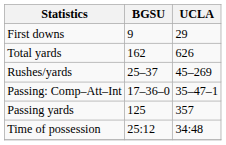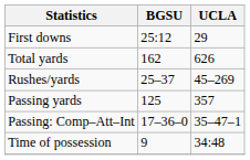 <table class="wikitable" style="float: left;">
 <tr>
 <th>Statistics</th>
 <th>BGSU</th>
 <th>UCLA</th>
 </tr>
 <tr>
 <td>First downs</td>
-<td>9</td>
+<td>25:12</td>
 <td>29</td>
 </tr>
 <tr>
 <td>Total yards</td>
 <td>162</td>
 <td>626</td>
 </tr>
 <tr>
 <td>Rushes/yards</td>
 <td>25–37</td>
 <td>45–269</td>
 </tr>
 <tr>
+<td>Passing yards</td>
+<td>125</td>
+<td>357</td>
+</tr>
+<tr>
 <td>Passing: Comp–Att–Int</td>
 <td>17–36–0</td>
 <td>35–47–1</td>
 </tr>
 <tr>
-<td>Passing yards</td>
-<td>125</td>
-<td>357</td>
-</tr>
-<tr>
 <td>Time of possession</td>
-<td>25:12</td>
+<td>9</td>
 <td>34:48</td>
 </tr>
 <tr>
 </tr>
 </table>
